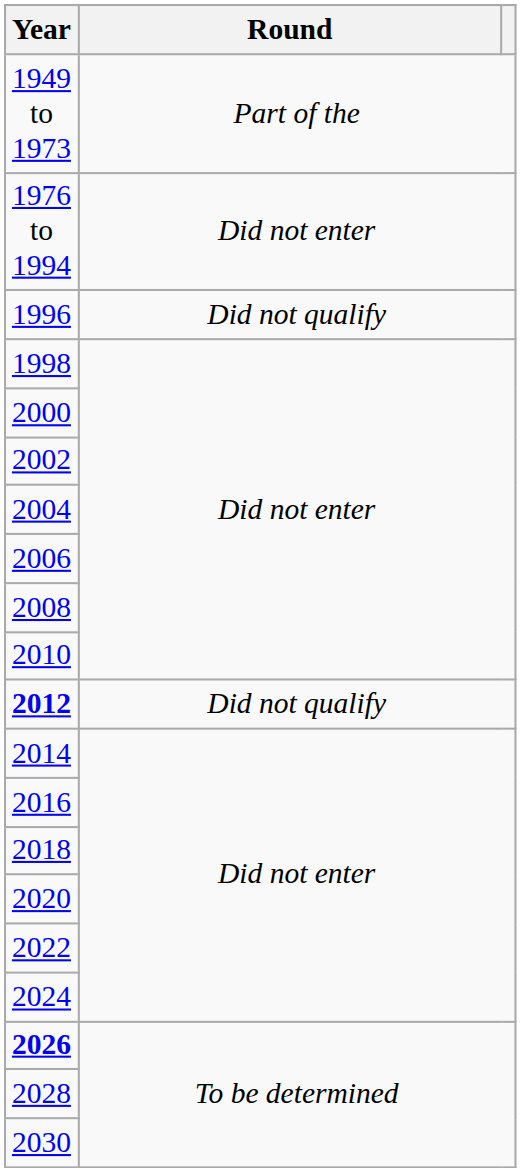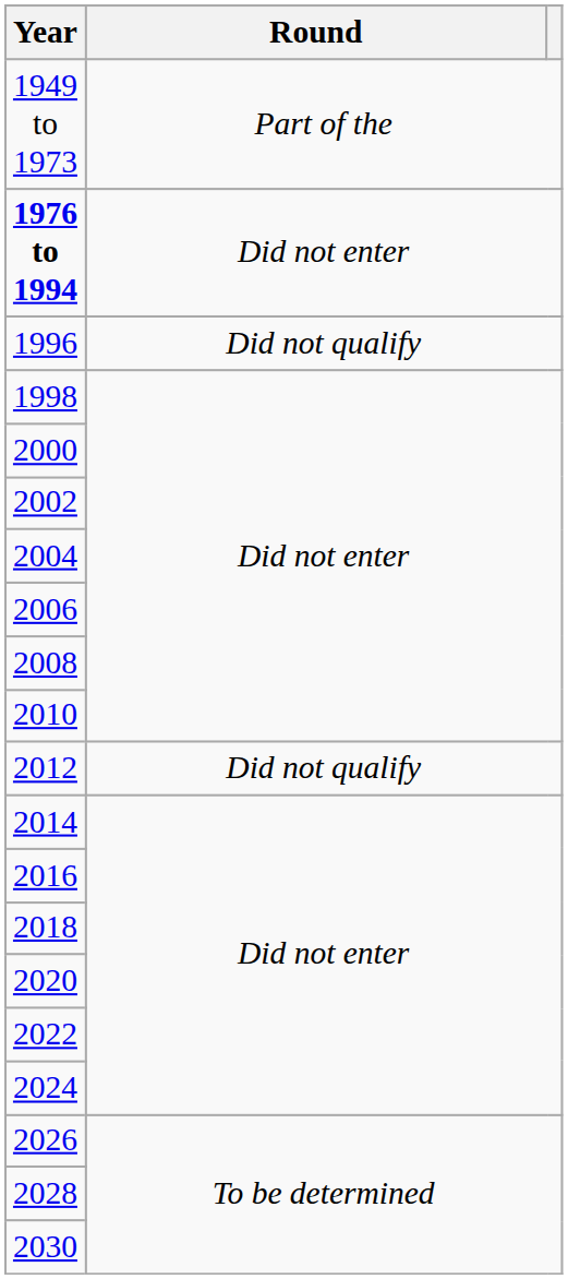 <table class="wikitable" style="text-align: center; font-size:90%">
 <tr>
 <th>Year</th>
 <th style="width:200px">Round</th>
 <th></th>
 </tr>
 <tr>
 <td><a href='#'>1949</a><br>to<br><a href='#'>1973</a></td>
 <td colspan="2"><em>Part of the </em></td>
 </tr>
 <tr>
-<td><a href='#'>1976</a><br>to<br><a href='#'>1994</a></td>
+<td><strong><a href='#'>1976</a><br>to<br><a href='#'>1994</a></strong></td>
 <td colspan="2"><em>Did not enter</em></td>
 </tr>
 <tr>
 <td><a href='#'>1996</a></td>
 <td colspan="2"><em>Did not qualify</em></td>
 </tr>
 <tr>
 <td><a href='#'>1998</a></td>
 <td colspan="2" rowspan="7"><em>Did not enter</em></td>
 </tr>
 <tr>
 <td><a href='#'>2000</a></td>
 </tr>
 <tr>
 <td><a href='#'>2002</a></td>
 </tr>
 <tr>
 <td><a href='#'>2004</a></td>
 </tr>
 <tr>
 <td><a href='#'>2006</a></td>
 </tr>
 <tr>
 <td><a href='#'>2008</a></td>
 </tr>
 <tr>
 <td><a href='#'>2010</a></td>
 </tr>
 <tr>
-<td><strong><a href='#'>2012</a></strong></td>
+<td><a href='#'>2012</a></td>
 <td colspan="2"><em>Did not qualify</em></td>
 </tr>
 <tr>
 <td><a href='#'>2014</a></td>
 <td colspan="2" rowspan="6"><em>Did not enter</em></td>
 </tr>
 <tr>
 <td><a href='#'>2016</a></td>
 </tr>
 <tr>
 <td><a href='#'>2018</a></td>
 </tr>
 <tr>
 <td><a href='#'>2020</a></td>
 </tr>
 <tr>
 <td><a href='#'>2022</a></td>
 </tr>
 <tr>
 <td><a href='#'>2024</a></td>
 </tr>
 <tr>
-<td><strong><a href='#'>2026</a></strong></td>
+<td><a href='#'>2026</a></td>
 <td colspan="2" rowspan="3"><em>To be determined</em></td>
 </tr>
 <tr>
 <td><a href='#'>2028</a></td>
 </tr>
 <tr>
 <td><a href='#'>2030</a></td>
 </tr>
 </table>
